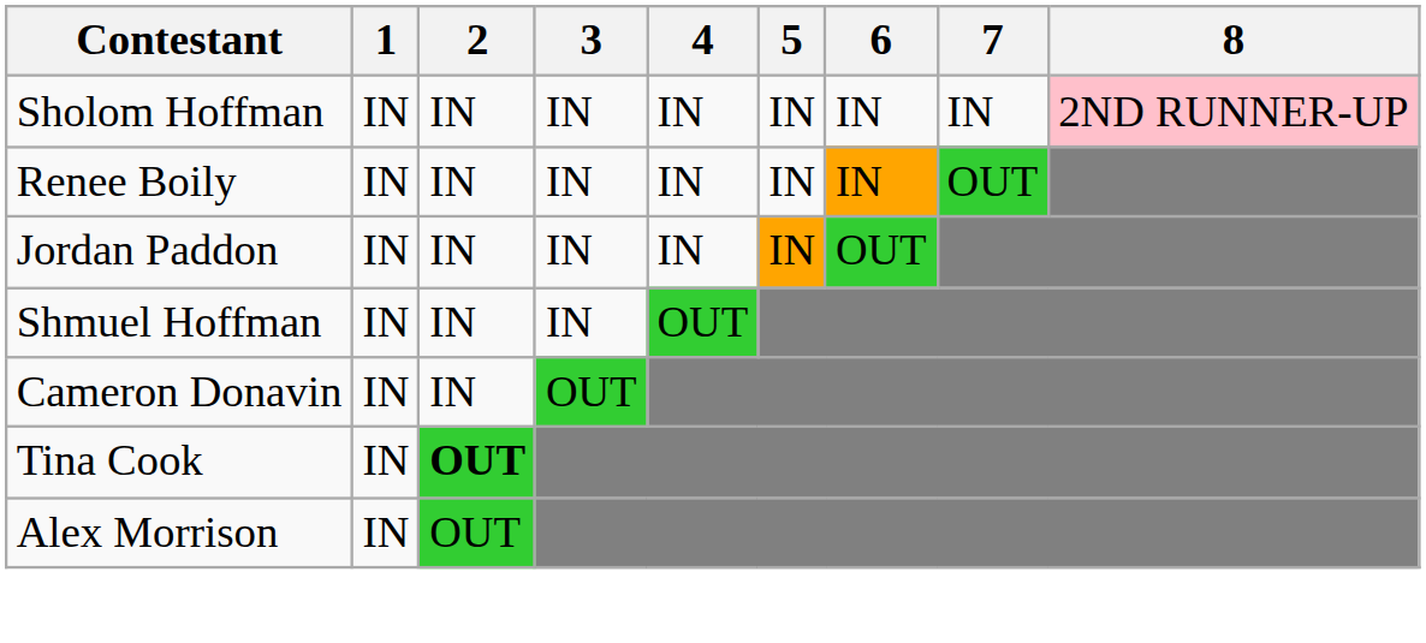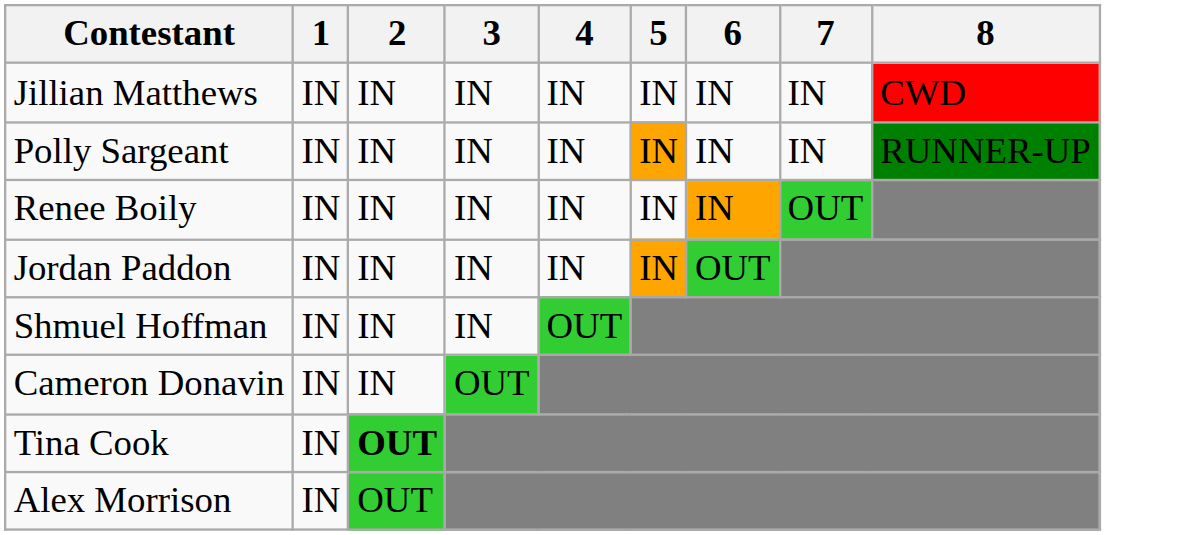 <table class="wikitable">
 <tr>
 <th>Contestant</th>
 <th>1</th>
 <th>2</th>
 <th>3</th>
 <th>4</th>
 <th>5</th>
 <th>6</th>
 <th>7</th>
 <th>8</th>
 </tr>
 <tr>
-<td>Sholom Hoffman</td>
+<td>Jillian Matthews</td>
 <td>IN</td>
 <td>IN</td>
 <td>IN</td>
 <td>IN</td>
 <td>IN</td>
 <td>IN</td>
 <td>IN</td>
-<td style="background-color:pink">2ND RUNNER-UP</td>
+<td style="background-color:red">CWD</td>
+</tr>
+<tr>
+<td>Polly Sargeant</td>
+<td>IN</td>
+<td>IN</td>
+<td>IN</td>
+<td>IN</td>
+<td style="background-color:orange">IN</td>
+<td>IN</td>
+<td>IN</td>
+<td style="background-color:green">RUNNER-UP</td>
 </tr>
 <tr>
 <td>Renee Boily</td>
 <td>IN</td>
 <td>IN</td>
 <td>IN</td>
 <td>IN</td>
 <td>IN</td>
 <td style="background-color:orange">IN</td>
 <td style="background-color:limegreen">OUT</td>
 <td style="background-color:gray" colspan="1"></td>
 </tr>
 <tr>
 <td>Jordan Paddon</td>
 <td>IN</td>
 <td>IN</td>
 <td>IN</td>
 <td>IN</td>
 <td style="background-color:orange">IN</td>
 <td style="background-color:limegreen">OUT</td>
 <td style="background-color:gray" colspan="2"></td>
 </tr>
 <tr>
 <td>Shmuel Hoffman</td>
 <td>IN</td>
 <td>IN</td>
 <td>IN</td>
 <td style="background-color:limegreen">OUT</td>
 <td style="background-color:gray" colspan="4"></td>
 </tr>
 <tr>
 <td>Cameron Donavin</td>
 <td>IN</td>
 <td>IN</td>
 <td style="background-color:limegreen">OUT</td>
 <td style="background-color:gray" colspan="5"></td>
 </tr>
 <tr>
 <td>Tina Cook</td>
 <td>IN</td>
 <td style="background-color:limegreen"><strong>OUT</strong></td>
 <td style="background-color:gray" colspan="6"></td>
 </tr>
 <tr>
 <td>Alex Morrison</td>
 <td>IN</td>
 <td style="background-color:limegreen">OUT</td>
 <td style="background-color:gray" colspan="6"></td>
 </tr>
 </table>
